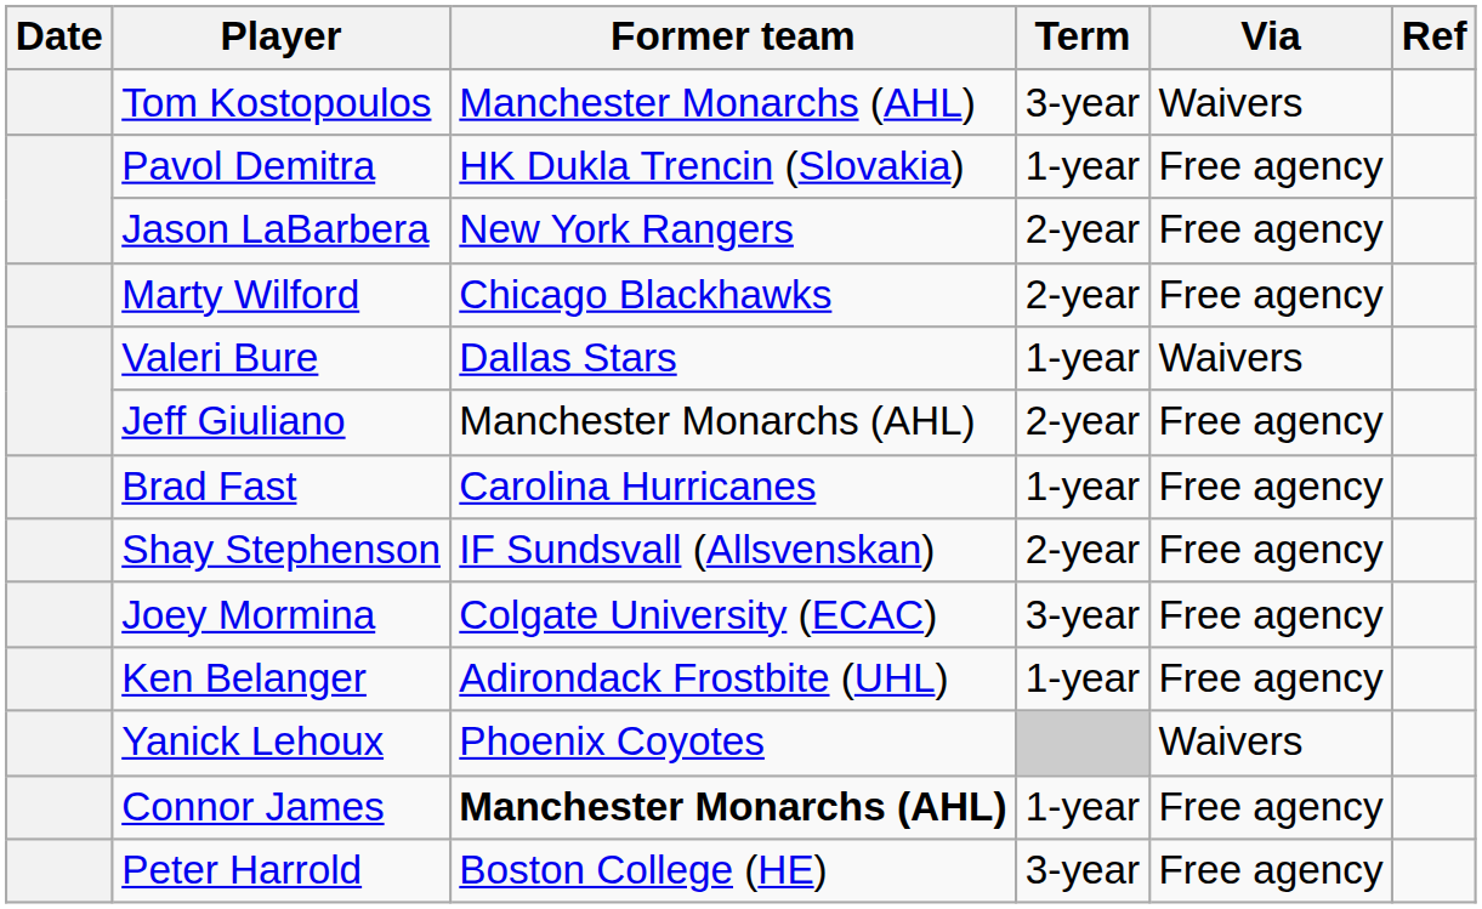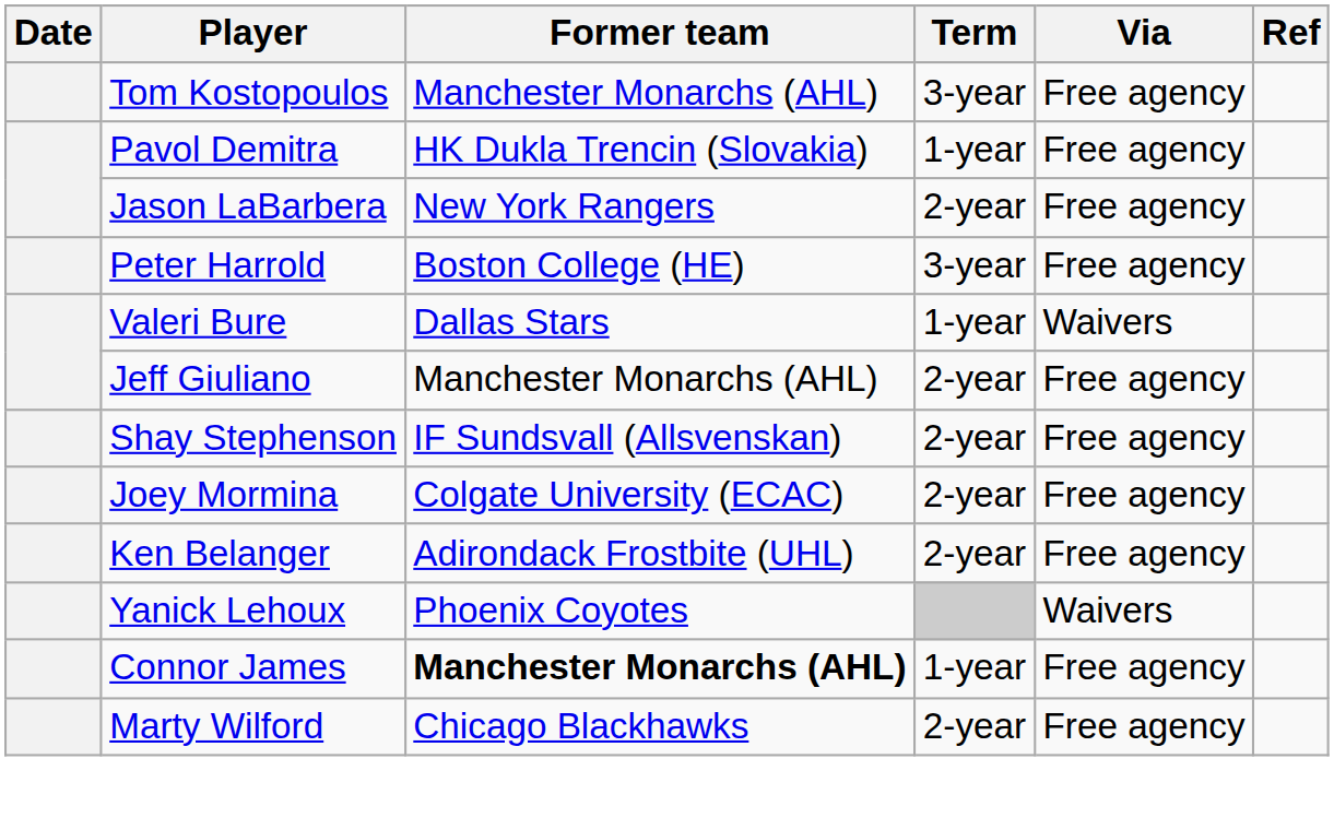 <table class="wikitable plainrowheaders">
 <tr style="background:#ddd; text-align:center;">
 <th>Date</th>
 <th>Player</th>
 <th>Former team</th>
 <th>Term</th>
 <th>Via</th>
 <th>Ref</th>
 </tr>
 <tr>
 <th scope="row"></th>
 <td><a href='#'>Tom Kostopoulos</a></td>
 <td><a href='#'>Manchester Monarchs</a> (<a href='#'>AHL</a>)</td>
 <td>3-year</td>
-<td>Waivers</td>
+<td>Free agency</td>
 <td></td>
 </tr>
 <tr>
 <th scope="row" rowspan=2></th>
 <td><a href='#'>Pavol Demitra</a></td>
 <td><a href='#'>HK Dukla Trencin</a> (<a href='#'>Slovakia</a>)</td>
 <td>1-year</td>
 <td>Free agency</td>
 <td></td>
 </tr>
 <tr>
 <td><a href='#'>Jason LaBarbera</a></td>
 <td><a href='#'>New York Rangers</a></td>
 <td>2-year</td>
 <td>Free agency</td>
 <td></td>
 </tr>
 <tr>
 <th scope="row"></th>
-<td><a href='#'>Marty Wilford</a></td>
-<td><a href='#'>Chicago Blackhawks</a></td>
-<td>2-year</td>
+<td><a href='#'>Peter Harrold</a></td>
+<td><a href='#'>Boston College</a> (<a href='#'>HE</a>)</td>
+<td>3-year</td>
 <td>Free agency</td>
 <td></td>
 </tr>
 <tr>
 <th scope="row" rowspan=2></th>
 <td><a href='#'>Valeri Bure</a></td>
 <td><a href='#'>Dallas Stars</a></td>
 <td>1-year</td>
 <td>Waivers</td>
 <td></td>
 </tr>
 <tr>
 <td><a href='#'>Jeff Giuliano</a></td>
 <td>Manchester Monarchs (AHL)</td>
 <td>2-year</td>
 <td>Free agency</td>
 <td></td>
 </tr>
 <tr>
 <th scope="row"></th>
-<td><a href='#'>Brad Fast</a></td>
-<td><a href='#'>Carolina Hurricanes</a></td>
-<td>1-year</td>
-<td>Free agency</td>
-<td></td>
-</tr>
-<tr>
-<th scope="row"></th>
 <td><a href='#'>Shay Stephenson</a></td>
 <td><a href='#'>IF Sundsvall</a> (<a href='#'>Allsvenskan</a>)</td>
 <td>2-year</td>
 <td>Free agency</td>
 <td></td>
 </tr>
 <tr>
 <th scope="row"></th>
 <td><a href='#'>Joey Mormina</a></td>
 <td><a href='#'>Colgate University</a> (<a href='#'>ECAC</a>)</td>
-<td>3-year</td>
+<td>2-year</td>
 <td>Free agency</td>
 <td></td>
 </tr>
 <tr>
 <th scope="row"></th>
 <td><a href='#'>Ken Belanger</a></td>
 <td><a href='#'>Adirondack Frostbite</a> (<a href='#'>UHL</a>)</td>
-<td>1-year</td>
+<td>2-year</td>
 <td>Free agency</td>
 <td></td>
 </tr>
 <tr>
 <th scope="row"></th>
 <td><a href='#'>Yanick Lehoux</a></td>
 <td><a href='#'>Phoenix Coyotes</a></td>
 <td style="background:#ccc"></td>
 <td>Waivers</td>
 <td></td>
 </tr>
 <tr>
 <th scope="row"></th>
 <td><a href='#'>Connor James</a></td>
 <td><strong>Manchester Monarchs (AHL)</strong></td>
 <td>1-year</td>
 <td>Free agency</td>
 <td></td>
 </tr>
 <tr>
 <th scope="row"></th>
-<td><a href='#'>Peter Harrold</a></td>
-<td><a href='#'>Boston College</a> (<a href='#'>HE</a>)</td>
-<td>3-year</td>
+<td><a href='#'>Marty Wilford</a></td>
+<td><a href='#'>Chicago Blackhawks</a></td>
+<td>2-year</td>
 <td>Free agency</td>
 <td></td>
 </tr>
 </table>
